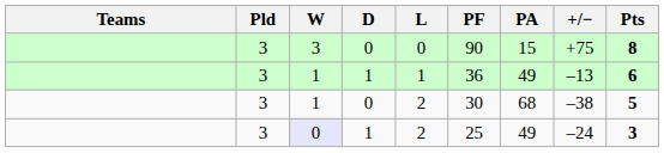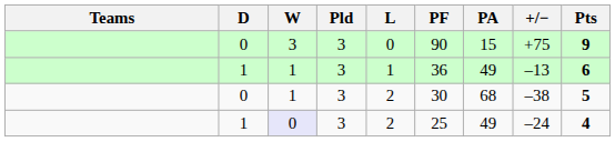 <table class="wikitable" style="text-align: center;">
 <tr>
 <th width="200">Teams</th>
+<th width="40">D</th>
+<th width="40">W</th>
 <th width="40">Pld</th>
-<th width="40">W</th>
-<th width="40">D</th>
 <th width="40">L</th>
 <th width="40">PF</th>
 <th width="40">PA</th>
 <th width="40">+/−</th>
 <th width="40">Pts</th>
 </tr>
 <tr bgcolor=#ccffcc>
 <td align=left></td>
+<td>0</td>
 <td>3</td>
 <td>3</td>
-<td>0</td>
 <td>0</td>
 <td>90</td>
 <td>15</td>
 <td>+75</td>
-<td><strong>8</strong></td>
+<td><strong>9</strong></td>
 </tr>
 <tr bgcolor=#ccffcc>
 <td align=left></td>
-<td>3</td>
 <td>1</td>
 <td>1</td>
+<td>3</td>
 <td>1</td>
 <td>36</td>
 <td>49</td>
 <td>–13</td>
 <td><strong>6</strong></td>
 </tr>
 <tr>
 <td align=left></td>
+<td>0</td>
+<td>1</td>
 <td>3</td>
-<td>1</td>
-<td>0</td>
 <td>2</td>
 <td>30</td>
 <td>68</td>
 <td>–38</td>
 <td><strong>5</strong></td>
 </tr>
 <tr>
 <td align=left></td>
+<td>1</td>
+<td style="background: lavender;">0</td>
 <td>3</td>
-<td style="background: lavender;">0</td>
-<td>1</td>
 <td>2</td>
 <td>25</td>
 <td>49</td>
 <td>–24</td>
-<td><strong>3</strong></td>
+<td><strong>4</strong></td>
 </tr>
 </table>
